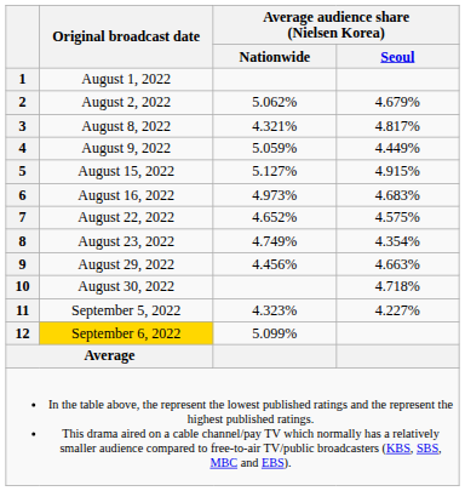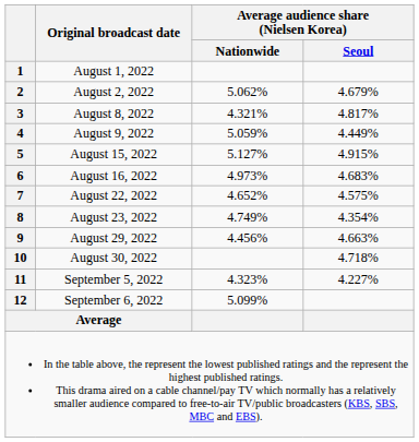 <table class="wikitable" style="margin-left:auto; margin-right:auto; width:500px; text-align:center">
 <tr>
 <th scope="col" rowspan="2"></th>
 <th scope="col" rowspan="2">Original broadcast date</th>
 <th scope="col" colspan="2">Average audience share<br>(Nielsen Korea)</th>
 </tr>
 <tr>
 <th scope="col" style="width:8em">Nationwide</th>
 <th scope="col" style="width:8em"><a href='#'>Seoul</a></th>
 </tr>
 <tr>
 <th scope="col">1</th>
 <td>August 1, 2022</td>
 <td><strong></strong> </td>
 <td><strong></strong> </td>
 </tr>
 <tr>
 <th scope="col">2</th>
 <td>August 2, 2022</td>
 <td>5.062% </td>
 <td>4.679% </td>
 </tr>
 <tr>
 <th scope="col">3</th>
 <td>August 8, 2022</td>
 <td>4.321% </td>
 <td>4.817% </td>
 </tr>
 <tr>
 <th scope="col">4</th>
 <td>August 9, 2022</td>
 <td>5.059% </td>
 <td>4.449% </td>
 </tr>
 <tr>
 <th scope="col">5</th>
 <td>August 15, 2022</td>
 <td>5.127% </td>
 <td>4.915% </td>
 </tr>
 <tr>
 <th scope="col">6</th>
 <td>August 16, 2022</td>
 <td>4.973% </td>
 <td>4.683% </td>
 </tr>
 <tr>
 <th scope="col">7</th>
 <td>August 22, 2022</td>
 <td>4.652% </td>
 <td>4.575% </td>
 </tr>
 <tr>
 <th scope="col">8</th>
 <td>August 23, 2022</td>
 <td>4.749% </td>
 <td>4.354% </td>
 </tr>
 <tr>
 <th scope="col">9</th>
 <td>August 29, 2022</td>
 <td>4.456% </td>
 <td>4.663% </td>
 </tr>
 <tr>
 <th scope="col">10</th>
 <td>August 30, 2022</td>
 <td><strong></strong> </td>
 <td>4.718% </td>
 </tr>
 <tr>
 <th scope="col">11</th>
 <td>September 5, 2022</td>
 <td>4.323% </td>
 <td>4.227% </td>
 </tr>
 <tr>
 <th scope="col">12</th>
-<td style="background: gold;">September 6, 2022</td>
+<td>September 6, 2022</td>
 <td>5.099% </td>
 <td><strong></strong> </td>
 </tr>
 <tr>
 <th scope="col" colspan="2">Average</th>
 <th scope="col"></th>
 <th scope="col"></th>
 </tr>
 <tr>
 <td colspan="4" style="font-size:85%"><br><ul><li>In the table above, the <strong></strong> represent the lowest published ratings and the <strong></strong> represent the highest published ratings.</li><li>This drama aired on a cable channel/pay TV which normally has a relatively smaller audience compared to free-to-air TV/public broadcasters (<a href='#'>KBS</a>, <a href='#'>SBS</a>, <a href='#'>MBC</a> and <a href='#'>EBS</a>).</li></ul></td>
 </tr>
 </table>
